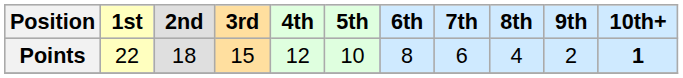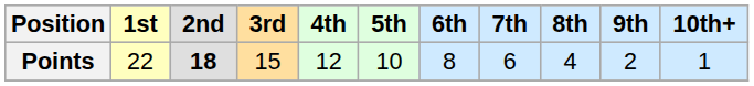 <table class="wikitable" style="font-size:85%; text-align:center">
 <tr>
 <th>Position</th>
 <td style="background:#FFFFBF;"> <strong>1st</strong> </td>
 <td style="background:#DFDFDF;"> <strong>2nd</strong> </td>
 <td style="background:#FFDF9F;"> <strong>3rd</strong> </td>
 <td style="background:#DFFFDF;"> <strong>4th</strong> </td>
 <td style="background:#DFFFDF;"> <strong>5th</strong> </td>
 <td style="background:#CFEAFF;"> <strong>6th</strong> </td>
 <td style="background:#CFEAFF;"> <strong>7th</strong> </td>
 <td style="background:#CFEAFF;"> <strong>8th</strong> </td>
 <td style="background:#CFEAFF;"> <strong>9th</strong> </td>
 <td style="background:#CFEAFF;"> <strong>10th+</strong> </td>
 </tr>
 <tr>
 <th>Points</th>
 <td style="background:#FFFFBF;">22</td>
-<td style="background:#DFDFDF;">18</td>
+<td style="background:#DFDFDF;"><strong>18</strong></td>
 <td style="background:#FFDF9F;">15</td>
 <td style="background:#DFFFDF;">12</td>
 <td style="background:#DFFFDF;">10</td>
 <td style="background:#CFEAFF;">8</td>
 <td style="background:#CFEAFF;">6</td>
 <td style="background:#CFEAFF;">4</td>
 <td style="background:#CFEAFF;">2</td>
-<td style="background:#CFEAFF;"><strong>1</strong></td>
+<td style="background:#CFEAFF;">1</td>
 </tr>
 <tr>
 </tr>
 </table>
